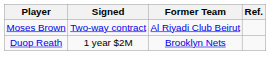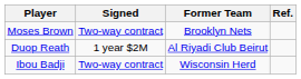 <table class="wikitable sortable sortable" style="text-align: center">
 <tr>
 <th>Player</th>
 <th>Signed</th>
 <th>Former Team</th>
 <th>Ref.</th>
 </tr>
 <tr>
 <td><a href='#'>Moses Brown</a></td>
 <td><a href='#'>Two-way contract</a></td>
-<td> <a href='#'>Al Riyadi Club Beirut</a></td>
+<td><a href='#'>Brooklyn Nets</a></td>
 <td></td>
 </tr>
 <tr>
 <td><a href='#'>Duop Reath</a></td>
 <td>1 year $2M</td>
-<td><a href='#'>Brooklyn Nets</a></td>
+<td> <a href='#'>Al Riyadi Club Beirut</a></td>
+<td></td>
+</tr>
+<tr>
+<td><a href='#'>Ibou Badji</a></td>
+<td><a href='#'>Two-way contract</a></td>
+<td><a href='#'>Wisconsin Herd</a></td>
 <td></td>
 </tr>
 </table>
